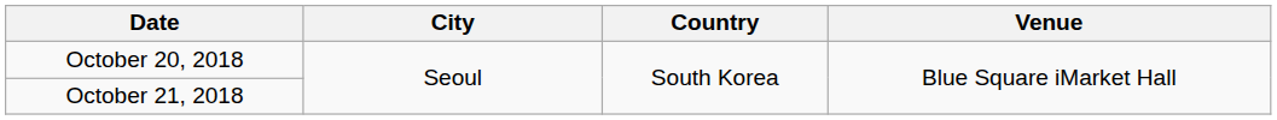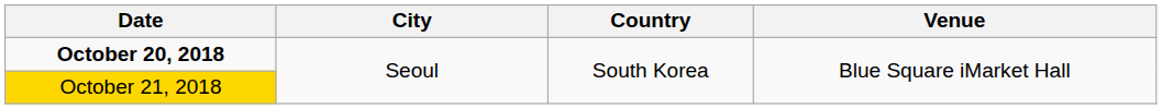 <table class="wikitable" style="text-align:center;">
 <tr>
 <th width="200">Date</th>
 <th width="200">City</th>
 <th width="150">Country</th>
 <th width="300">Venue</th>
 </tr>
 <tr>
-<td>October 20, 2018</td>
+<td><strong>October 20, 2018</strong></td>
 <td rowspan="2">Seoul</td>
 <td rowspan="3">South Korea</td>
 <td rowspan="2">Blue Square iMarket Hall</td>
 </tr>
 <tr>
-<td>October 21, 2018</td>
+<td style="background: gold;">October 21, 2018</td>
 </tr>
 </table>
